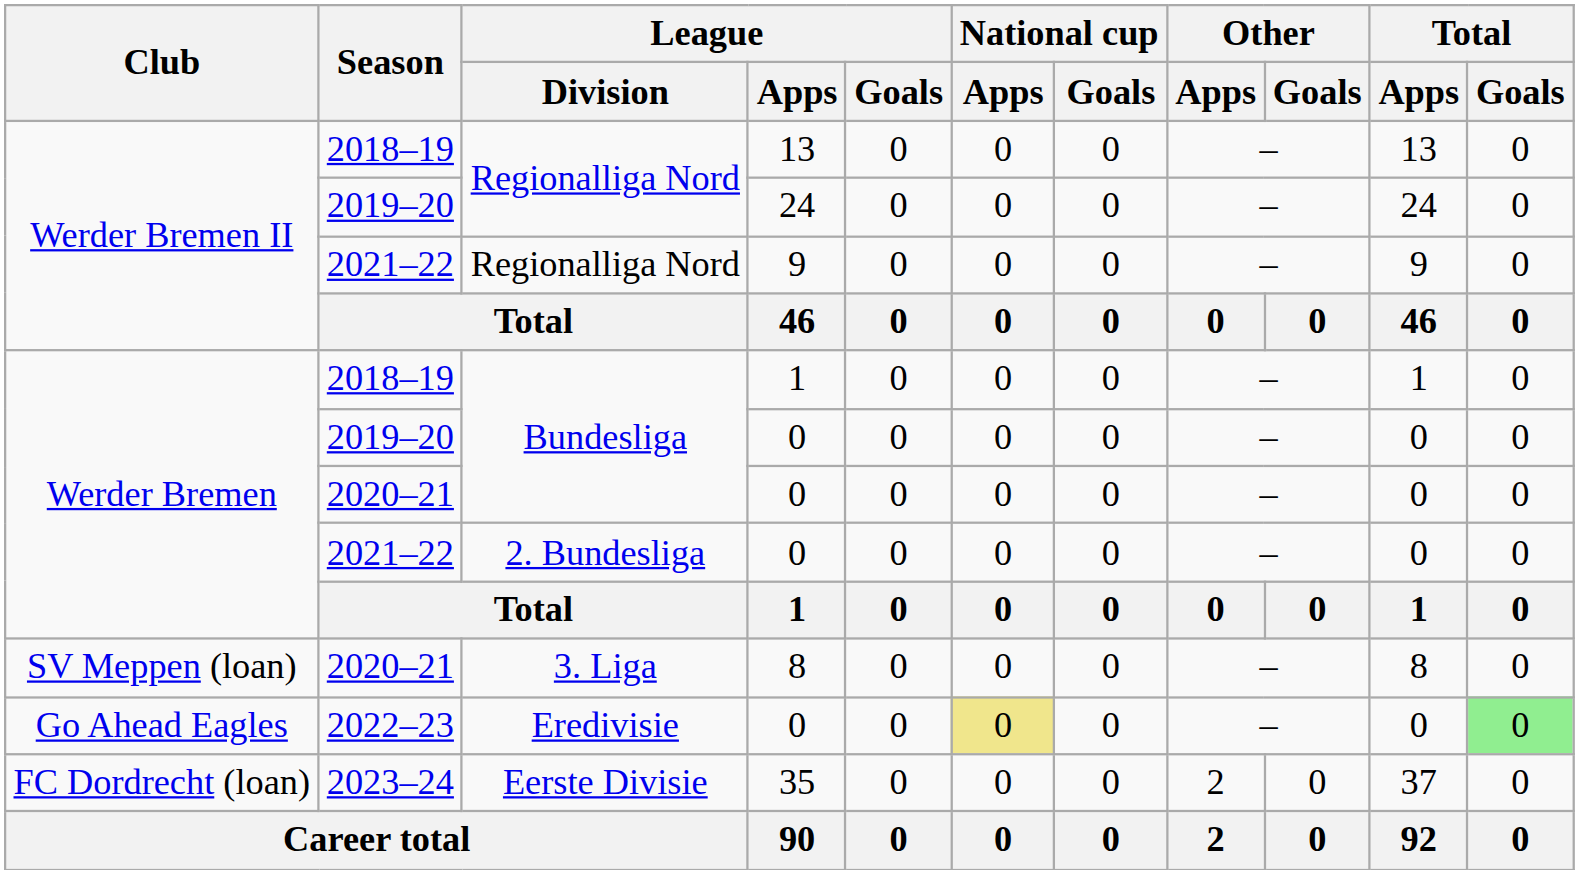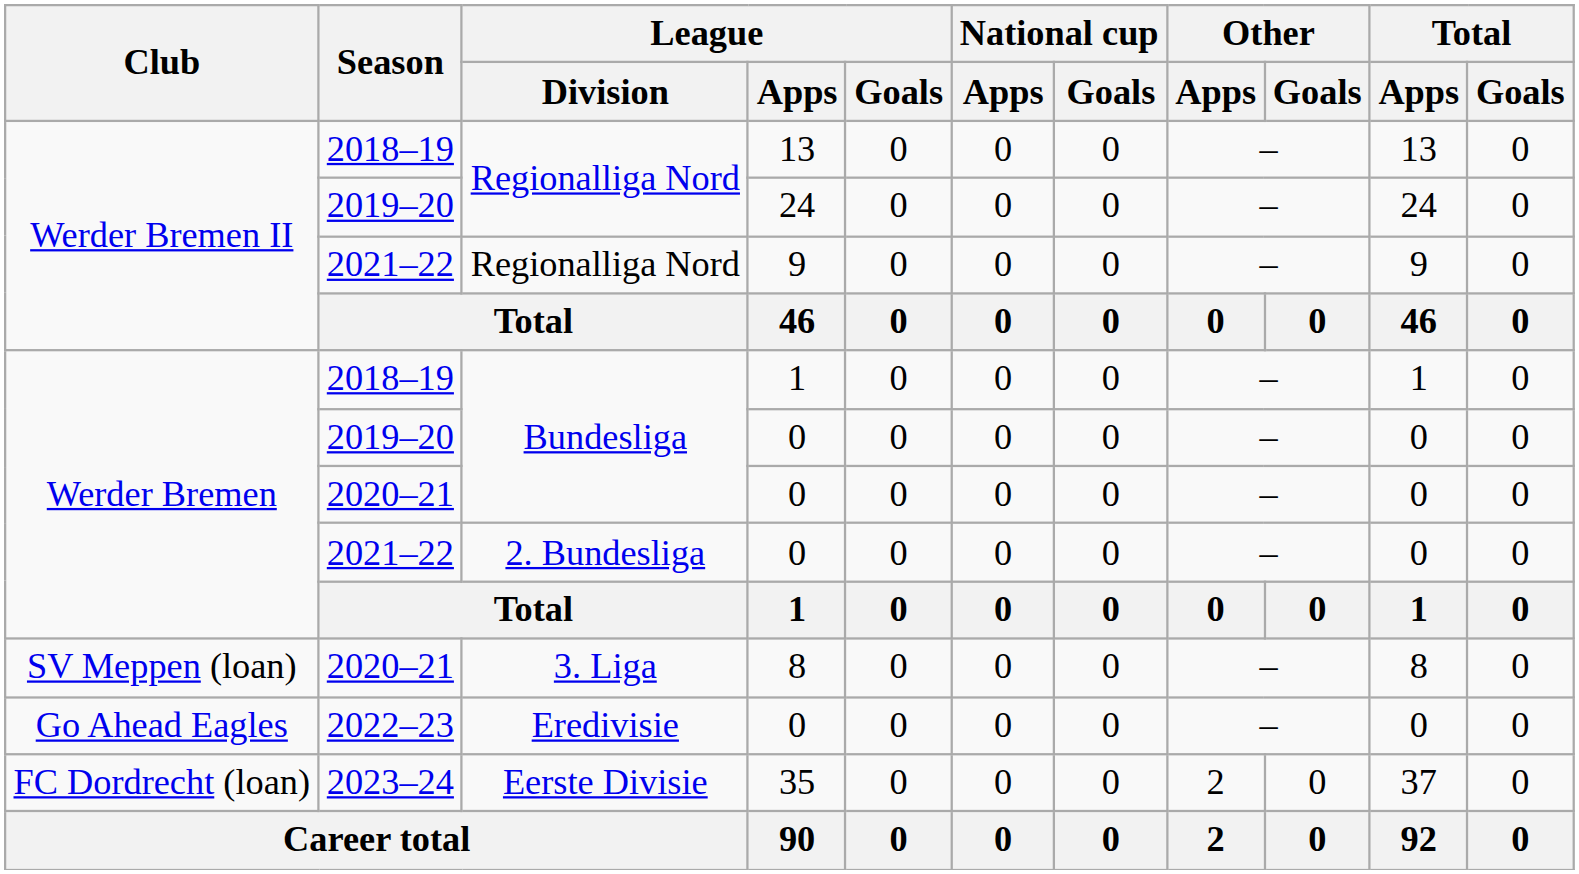 <table class=wikitable style="text-align: center">
 <tr>
 <th rowspan="2">Club</th>
 <th rowspan="2">Season</th>
 <th colspan="3">League</th>
 <th colspan="2">National cup</th>
 <th colspan="2">Other</th>
 <th colspan="2">Total</th>
 </tr>
 <tr>
 <th>Division</th>
 <th>Apps</th>
 <th>Goals</th>
 <th>Apps</th>
 <th>Goals</th>
 <th>Apps</th>
 <th>Goals</th>
 <th>Apps</th>
 <th>Goals</th>
 </tr>
 <tr>
 <td rowspan="4"><a href='#'>Werder Bremen II</a></td>
 <td><a href='#'>2018–19</a></td>
 <td rowspan="2"><a href='#'>Regionalliga Nord</a></td>
 <td>13</td>
 <td>0</td>
 <td>0</td>
 <td>0</td>
 <td colspan="2">–</td>
 <td>13</td>
 <td>0</td>
 </tr>
 <tr>
 <td><a href='#'>2019–20</a></td>
 <td>24</td>
 <td>0</td>
 <td>0</td>
 <td>0</td>
 <td colspan="2">–</td>
 <td>24</td>
 <td>0</td>
 </tr>
 <tr>
 <td><a href='#'>2021–22</a></td>
 <td>Regionalliga Nord</td>
 <td>9</td>
 <td>0</td>
 <td>0</td>
 <td>0</td>
 <td colspan="2">–</td>
 <td>9</td>
 <td>0</td>
 </tr>
 <tr>
 <th colspan="2">Total</th>
 <th>46</th>
 <th>0</th>
 <th>0</th>
 <th>0</th>
 <th>0</th>
 <th>0</th>
 <th>46</th>
 <th>0</th>
 </tr>
 <tr>
 <td rowspan="5"><a href='#'>Werder Bremen</a></td>
 <td><a href='#'>2018–19</a></td>
 <td rowspan="3"><a href='#'>Bundesliga</a></td>
 <td>1</td>
 <td>0</td>
 <td>0</td>
 <td>0</td>
 <td colspan="2">–</td>
 <td>1</td>
 <td>0</td>
 </tr>
 <tr>
 <td><a href='#'>2019–20</a></td>
 <td>0</td>
 <td>0</td>
 <td>0</td>
 <td>0</td>
 <td colspan="2">–</td>
 <td>0</td>
 <td>0</td>
 </tr>
 <tr>
 <td><a href='#'>2020–21</a></td>
 <td>0</td>
 <td>0</td>
 <td>0</td>
 <td>0</td>
 <td colspan="2">–</td>
 <td>0</td>
 <td>0</td>
 </tr>
 <tr>
 <td><a href='#'>2021–22</a></td>
 <td><a href='#'>2. Bundesliga</a></td>
 <td>0</td>
 <td>0</td>
 <td>0</td>
 <td>0</td>
 <td colspan="2">–</td>
 <td>0</td>
 <td>0</td>
 </tr>
 <tr>
 <th colspan="2">Total</th>
 <th>1</th>
 <th>0</th>
 <th>0</th>
 <th>0</th>
 <th>0</th>
 <th>0</th>
 <th>1</th>
 <th>0</th>
 </tr>
 <tr>
 <td><a href='#'>SV Meppen</a> (loan)</td>
 <td><a href='#'>2020–21</a></td>
 <td><a href='#'>3. Liga</a></td>
 <td>8</td>
 <td>0</td>
 <td>0</td>
 <td>0</td>
 <td colspan="2">–</td>
 <td>8</td>
 <td>0</td>
 </tr>
 <tr>
 <td><a href='#'>Go Ahead Eagles</a></td>
 <td><a href='#'>2022–23</a></td>
 <td><a href='#'>Eredivisie</a></td>
 <td>0</td>
 <td>0</td>
-<td style="background: khaki;">0</td>
+<td>0</td>
 <td>0</td>
 <td colspan="2">–</td>
 <td>0</td>
-<td style="background: lightgreen;">0</td>
+<td>0</td>
 </tr>
 <tr>
 <td><a href='#'>FC Dordrecht</a> (loan)</td>
 <td><a href='#'>2023–24</a></td>
 <td><a href='#'>Eerste Divisie</a></td>
 <td>35</td>
 <td>0</td>
 <td>0</td>
 <td>0</td>
 <td>2</td>
 <td>0</td>
 <td>37</td>
 <td>0</td>
 </tr>
 <tr>
 <th colspan="3">Career total</th>
 <th>90</th>
 <th>0</th>
 <th>0</th>
 <th>0</th>
 <th>2</th>
 <th>0</th>
 <th>92</th>
 <th>0</th>
 </tr>
 </table>
